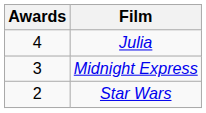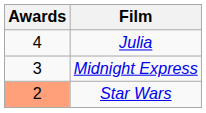 <table class="wikitable" style="text-align:center;">
 <tr>
 <th style="background:">Awards</th>
 <th style="background:">Film</th>
 </tr>
 <tr>
 <td>4</td>
 <td><em><a href='#'>Julia</a></em></td>
 </tr>
 <tr>
 <td>3</td>
 <td><em><a href='#'>Midnight Express</a></em></td>
 </tr>
 <tr>
-<td>2</td>
+<td style="background: lightsalmon;">2</td>
 <td><em><a href='#'>Star Wars</a></em></td>
 </tr>
 </table>
